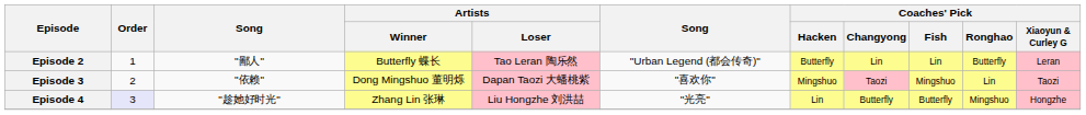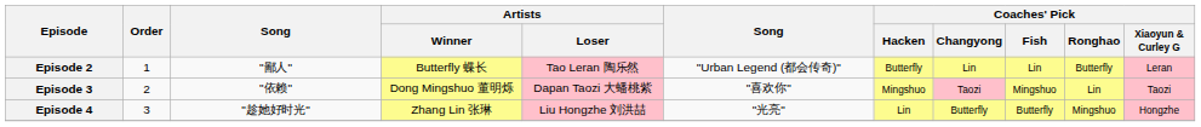 <table class="wikitable" style="text-align: center; width:100%;">
 <tr>
 <th rowspan="2" style="width:10%;">Episode</th>
 <th rowspan="2" style="width:4%;">Order</th>
 <th rowspan="2" style="width:18%;">Song</th>
 <th colspan="2">Artists</th>
 <th rowspan="2" style="width:18%;">Song</th>
 <th colspan="5">Coaches' Pick</th>
 </tr>
 <tr>
 <th style="width:12%;">Winner</th>
 <th style="width:12%;">Loser</th>
 <th style="width:5%;">Hacken</th>
 <th style="width:5%;">Changyong</th>
 <th style="width:5%;">Fish</th>
 <th style="width:5%;">Ronghao</th>
 <th style="width:6%;"><small>Xiaoyun & Curley G</small></th>
 </tr>
 <tr>
 <th>Episode 2<br><small></small></th>
 <td>1</td>
 <td>"鄙人"</td>
 <td style="background:#fdfc8f;">Butterfly 蝶长</td>
 <td style="background:pink;">Tao Leran 陶乐然 </td>
 <td>"Urban Legend (都会传奇)"</td>
 <td style="background:#fdfc8f;"><small>Butterfly</small></td>
 <td style="background:#fdfc8f;"><small>Lin</small></td>
 <td style="background:#fdfc8f;"><small>Lin</small></td>
 <td style="background:#fdfc8f;"><small>Butterfly</small></td>
 <td style="background:pink;"><small> Leran </small></td>
 </tr>
 <tr>
 <th>Episode 3<br><small></small></th>
 <td>2</td>
 <td>"依赖"</td>
 <td style="background:#fdfc8f;">Dong Mingshuo 董明烁</td>
 <td style="background:pink;">Dapan Taozi 大蟠桃紫 </td>
 <td>"喜欢你"</td>
 <td style="background:#fdfc8f;"><small>Mingshuo</small></td>
 <td style="background:pink;"><small>Taozi</small></td>
 <td style="background:#fdfc8f;"><small>Mingshuo</small></td>
 <td style="background:#fdfc8f;"><small>Lin</small></td>
 <td style="background:pink;"><small>Taozi</small></td>
 </tr>
 <tr>
 <th>Episode 4<br><small></small></th>
-<td style="background: lavender;">3</td>
+<td>3</td>
 <td>"趁她好时光"</td>
 <td style="background:#fdfc8f;">Zhang Lin 张琳</td>
 <td style="background:pink;">Liu Hongzhe 刘洪喆 </td>
 <td>"光亮"</td>
 <td style="background:#fdfc8f;"><small>Lin</small></td>
 <td style="background:#fdfc8f;"><small>Butterfly</small></td>
 <td style="background:#fdfc8f;"><small>Butterfly</small></td>
 <td style="background:#fdfc8f;"><small>Mingshuo</small></td>
 <td style="background:pink;"><small> Hongzhe </small></td>
 </tr>
 <tr>
 </tr>
 </table>
